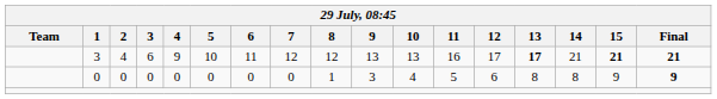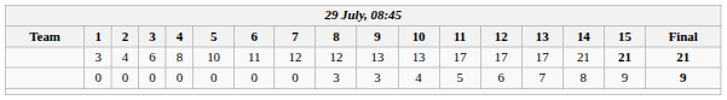 <table class=wikitable style="text-align:center; width: 55%">
 <tr>
 <th colspan=17><em>29 July, 08:45</em></th>
 </tr>
 <tr>
 <th>Team</th>
 <th>1</th>
 <th>2</th>
 <th>3</th>
 <th>4</th>
 <th>5</th>
 <th>6</th>
 <th>7</th>
 <th>8</th>
 <th>9</th>
 <th>10</th>
 <th>11</th>
 <th>12</th>
 <th>13</th>
 <th>14</th>
 <th>15</th>
 <th>Final</th>
 </tr>
 <tr>
 <td align=left><strong></strong></td>
 <td>3</td>
 <td>4</td>
 <td>6</td>
-<td>9</td>
+<td>8</td>
 <td>10</td>
 <td>11</td>
 <td>12</td>
 <td>12</td>
 <td>13</td>
 <td>13</td>
-<td>16</td>
 <td>17</td>
-<td><strong>17</strong></td>
+<td>17</td>
+<td>17</td>
 <td>21</td>
 <td><strong>21</strong></td>
 <td><strong>21</strong></td>
 </tr>
 <tr>
 <td align=left></td>
 <td>0</td>
 <td>0</td>
 <td>0</td>
 <td>0</td>
 <td>0</td>
 <td>0</td>
 <td>0</td>
-<td>1</td>
+<td>3</td>
 <td>3</td>
 <td>4</td>
 <td>5</td>
 <td>6</td>
-<td>8</td>
+<td>7</td>
 <td>8</td>
 <td>9</td>
 <td><strong>9</strong></td>
 </tr>
 <tr>
 <td colspan=17></td>
 </tr>
 </table>
